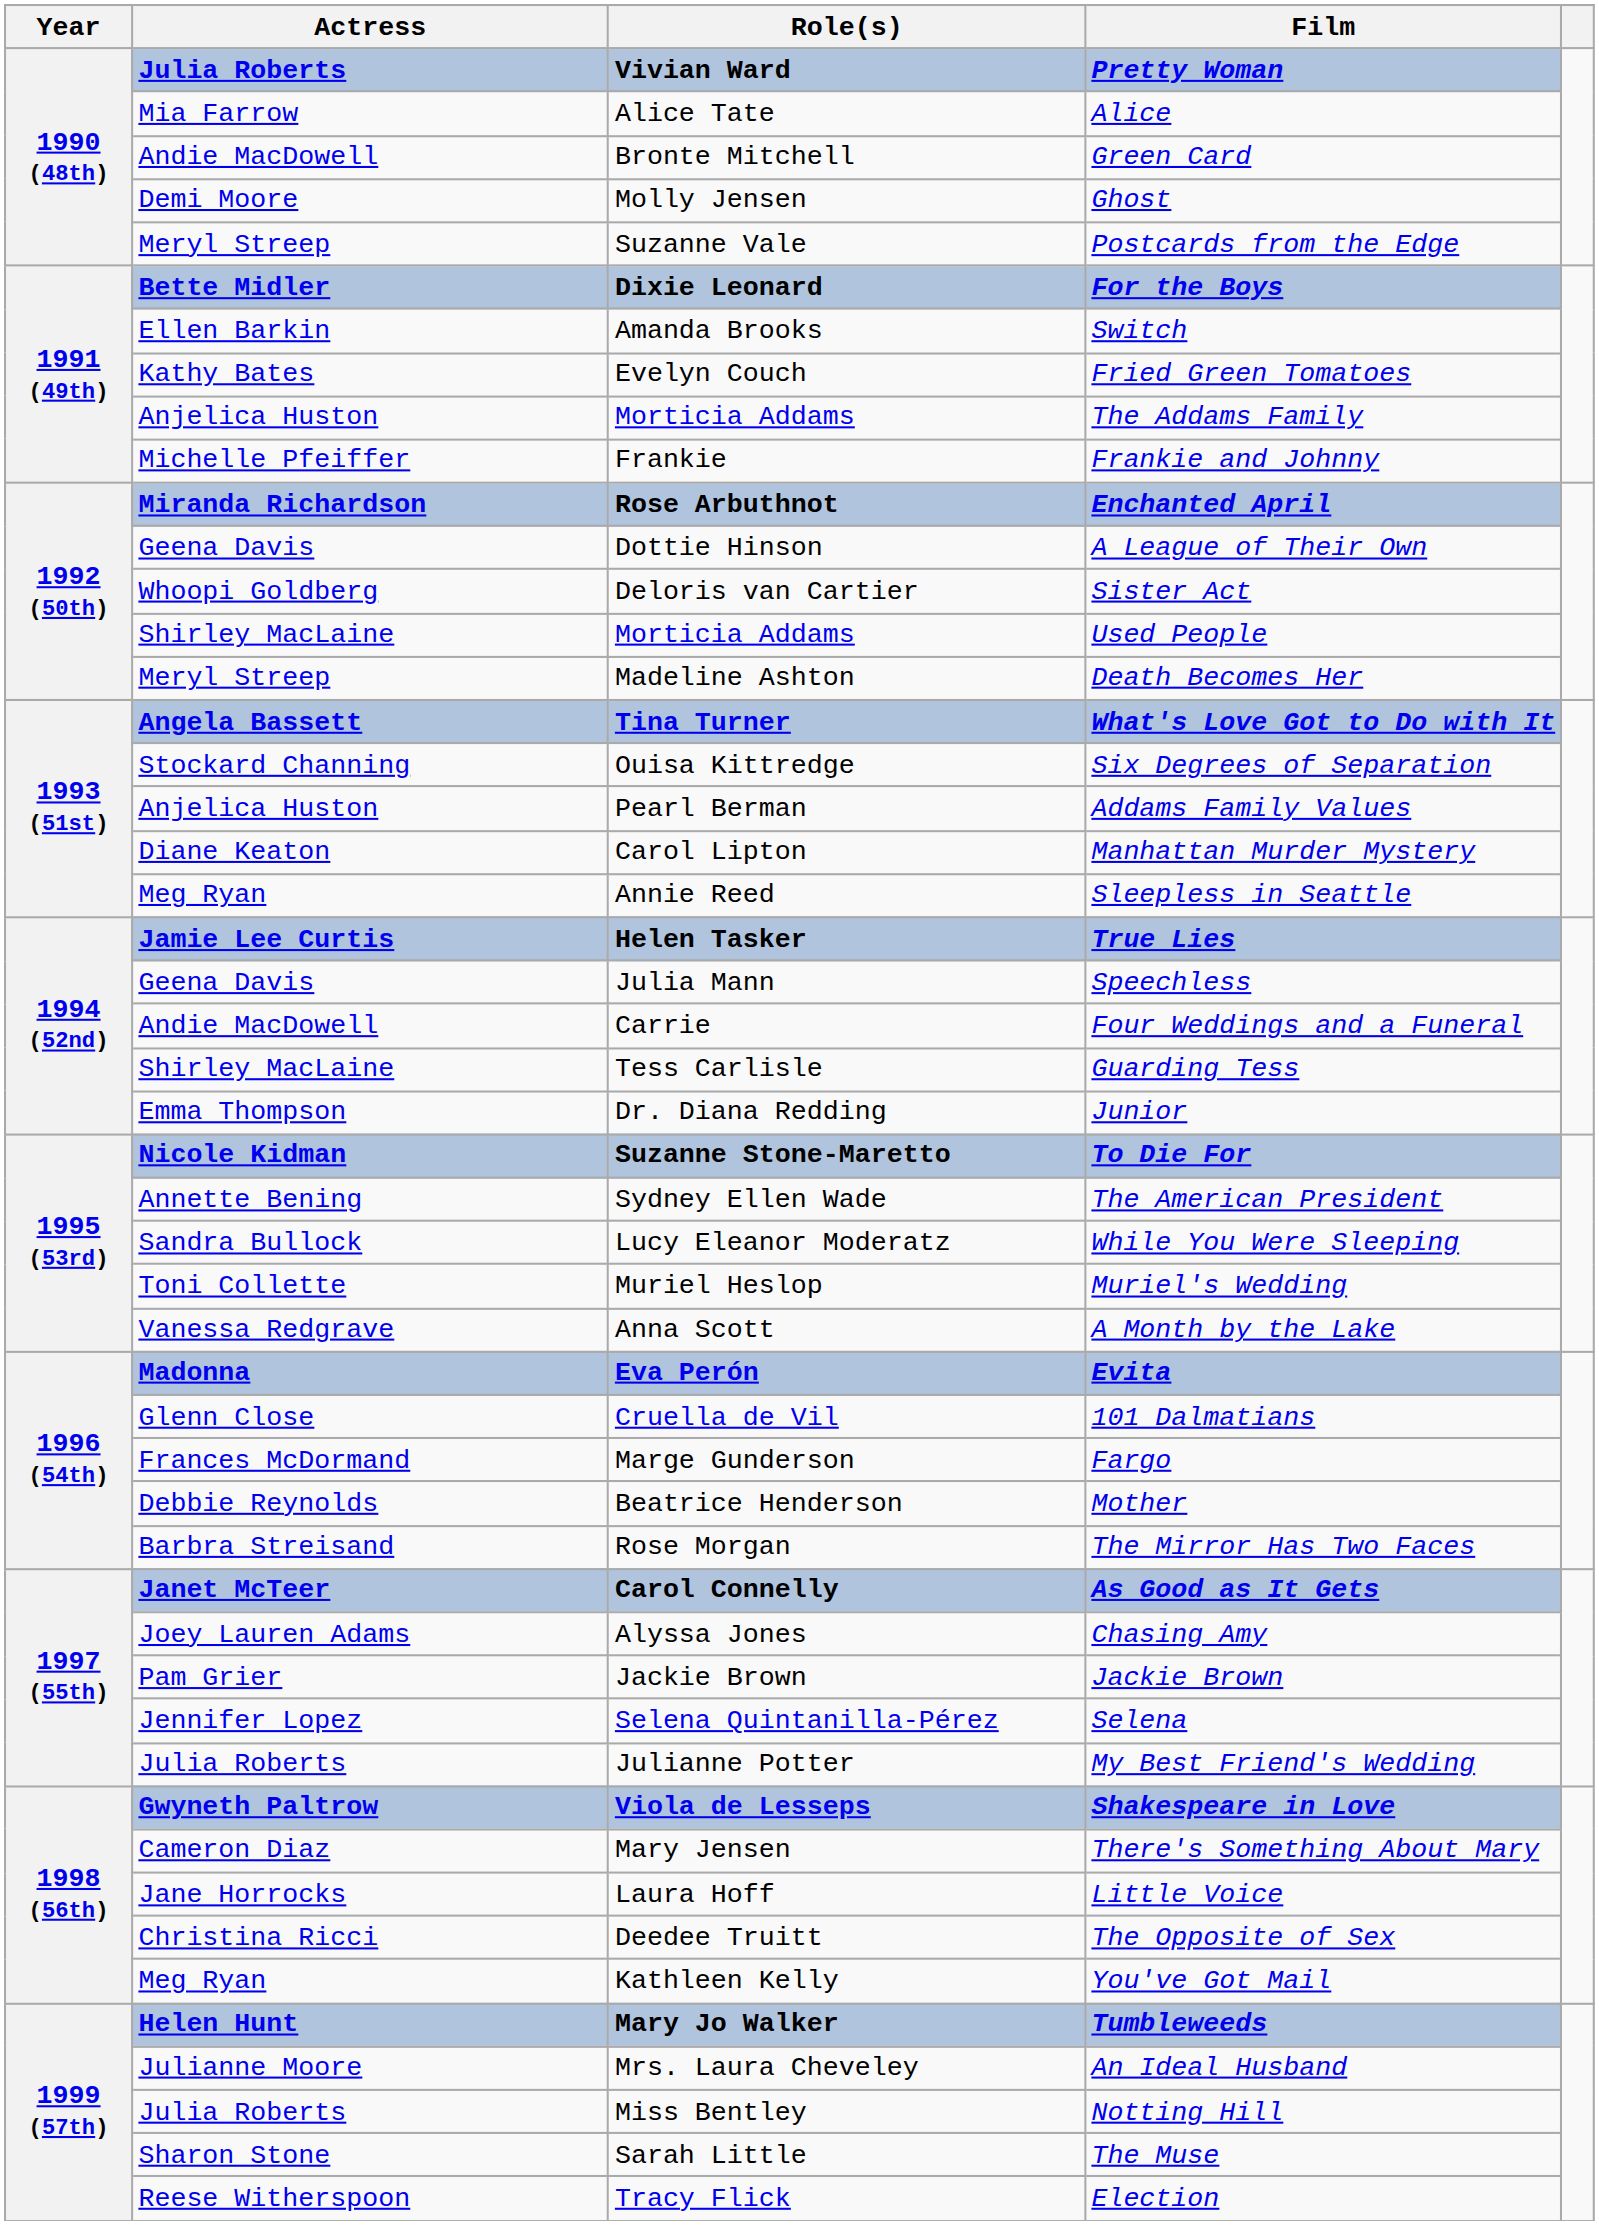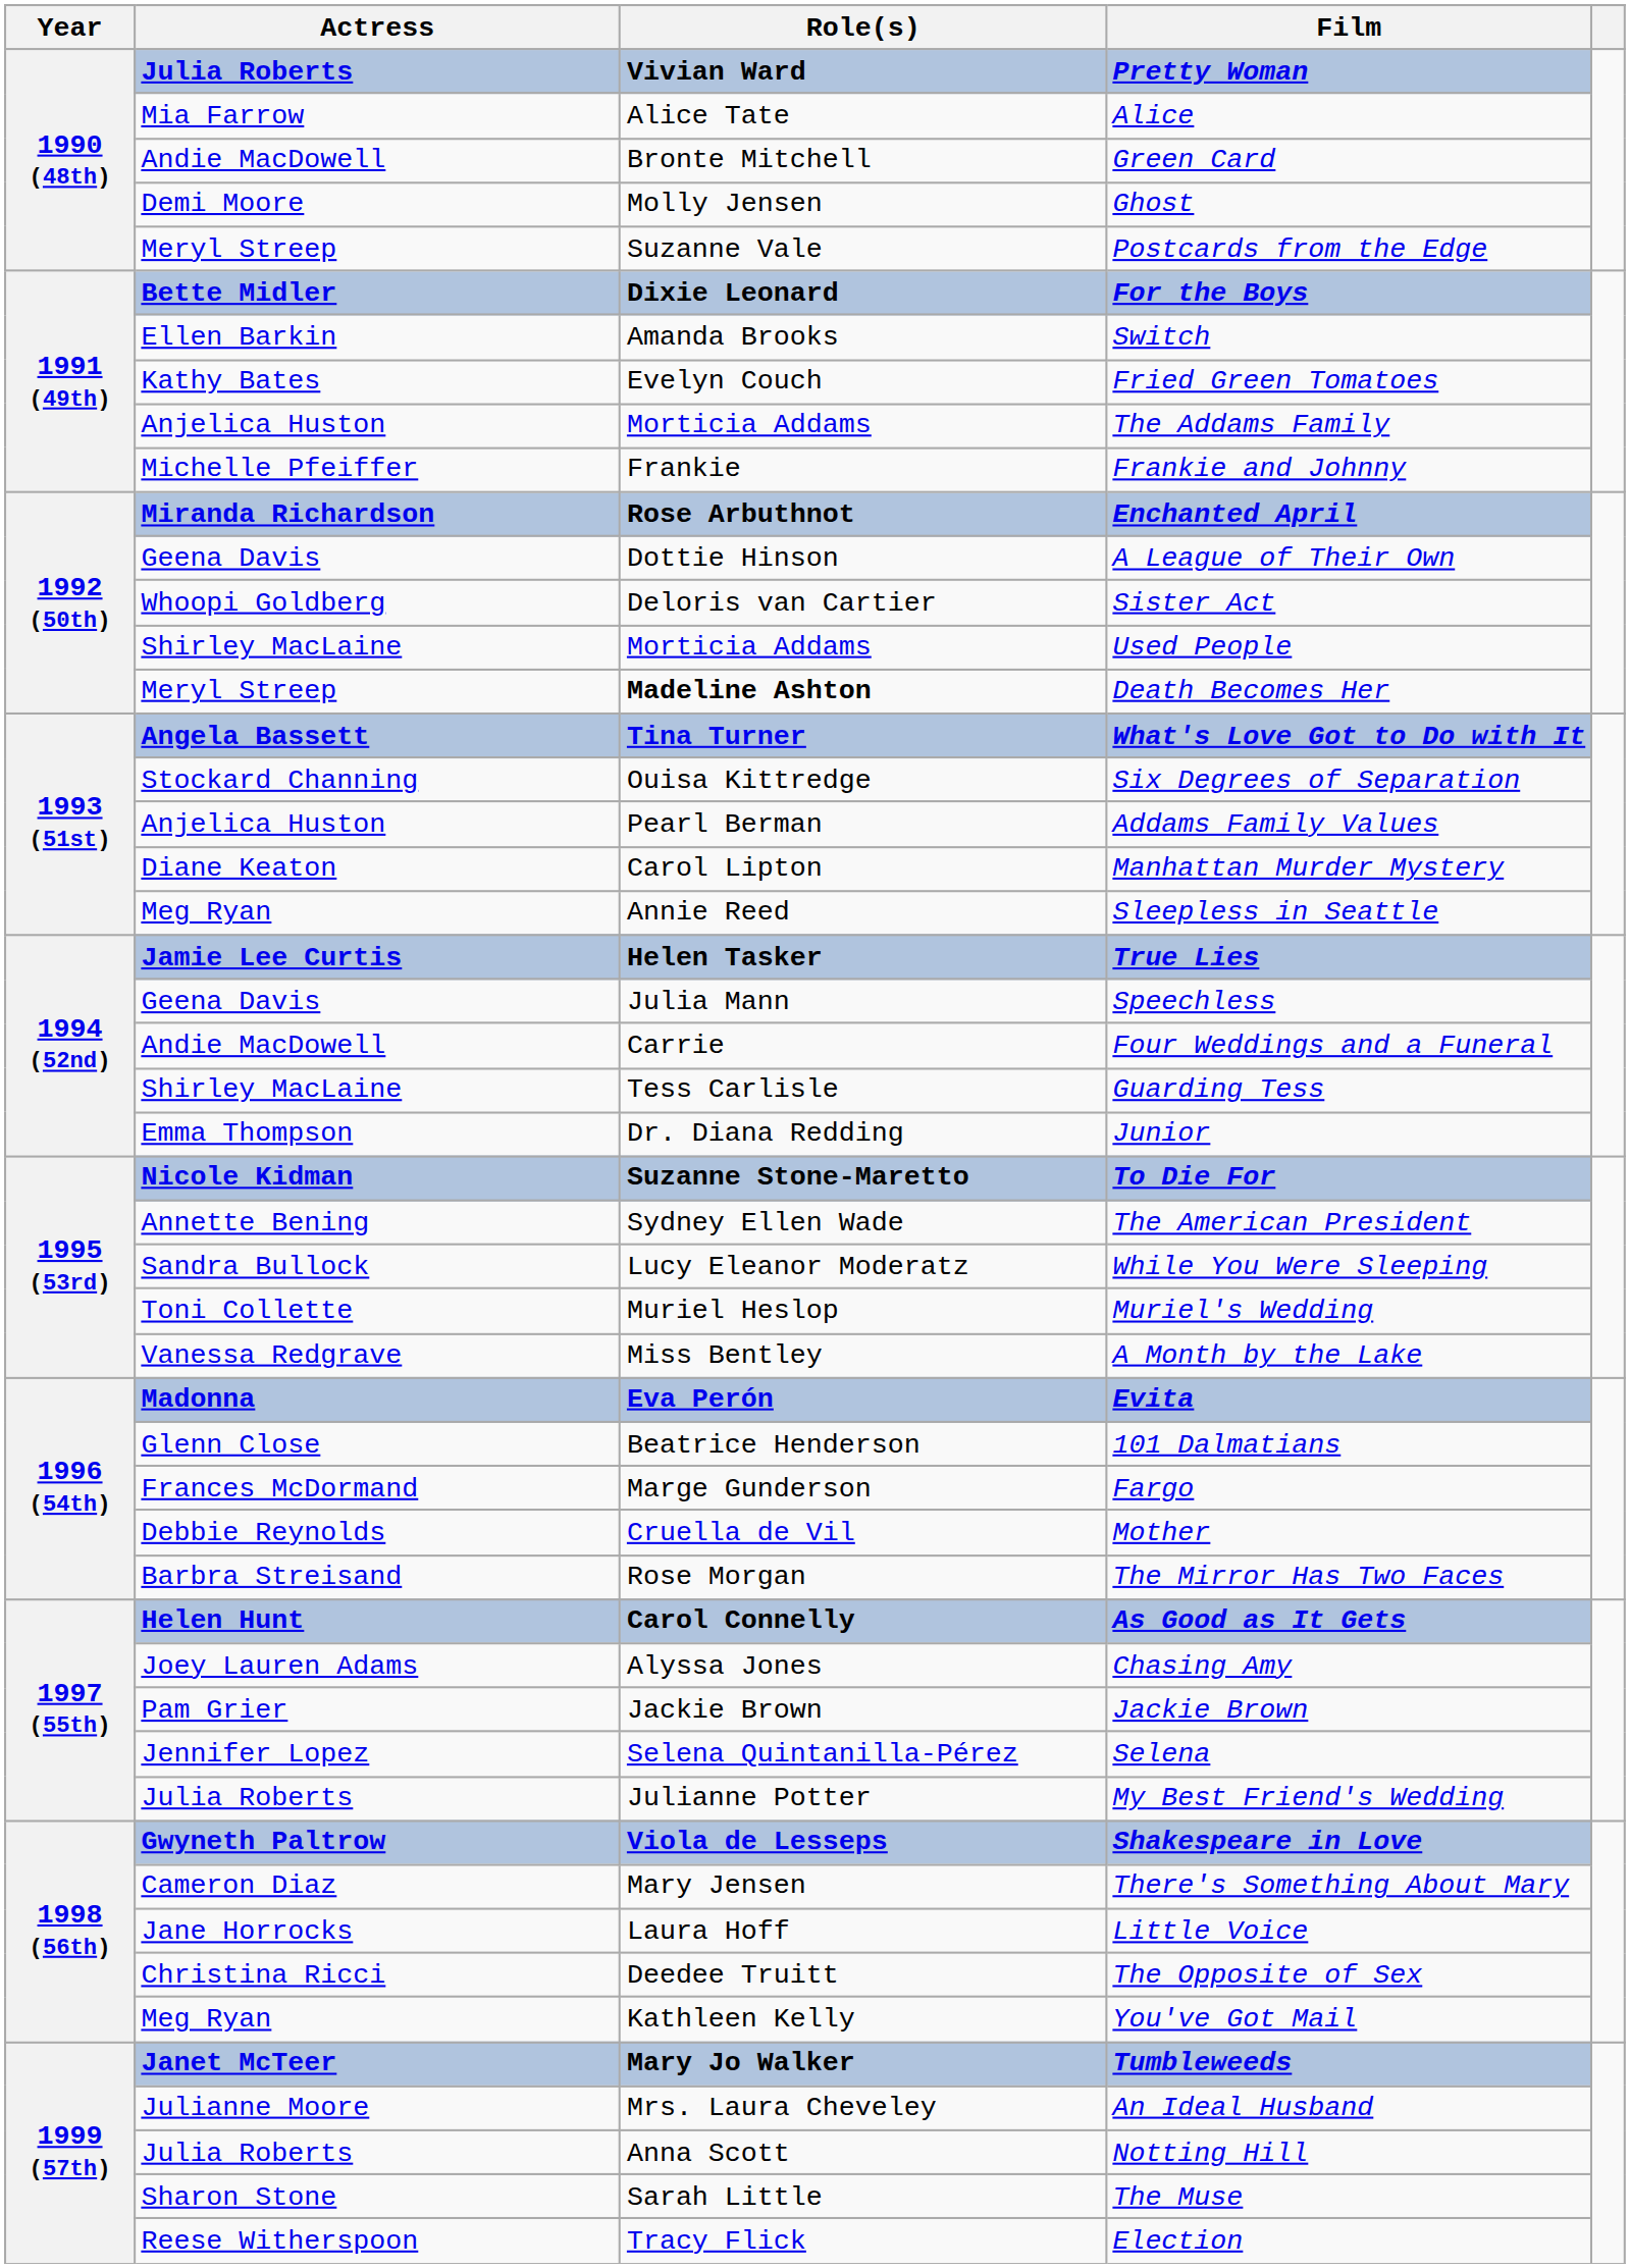 <table class="wikitable sortable">
 <tr>
 <th scope="col" style="width:8%;">Year</th>
 <th scope="col" style="width:30%;">Actress</th>
 <th scope="col" style="width:30%;">Role(s)</th>
 <th scope="col" style="width:30%;">Film</th>
 <th scope="col" style="width:2%;" class="unsortable"></th>
 </tr>
 <tr>
 <th rowspan="5" style="text-align:center;"><a href='#'>1990</a> <br> <small>(<a href='#'>48th</a>)</small></th>
 <td style="background:#B0C4DE;"><strong><a href='#'>Julia Roberts</a></strong></td>
 <td style="background:#B0C4DE;"><strong>Vivian Ward</strong></td>
 <td style="background:#B0C4DE;"><strong><em><a href='#'>Pretty Woman</a></em></strong></td>
 <td rowspan=5></td>
 </tr>
 <tr>
 <td><a href='#'>Mia Farrow</a></td>
 <td>Alice Tate</td>
 <td><em><a href='#'>Alice</a></em></td>
 </tr>
 <tr>
 <td><a href='#'>Andie MacDowell</a></td>
 <td>Bronte Mitchell</td>
 <td><em><a href='#'>Green Card</a></em></td>
 </tr>
 <tr>
 <td><a href='#'>Demi Moore</a></td>
 <td>Molly Jensen</td>
 <td><em><a href='#'>Ghost</a></em></td>
 </tr>
 <tr>
 <td><a href='#'>Meryl Streep</a></td>
 <td>Suzanne Vale</td>
 <td><em><a href='#'>Postcards from the Edge</a></em></td>
 </tr>
 <tr>
 <th rowspan="5" style="text-align:center;"><a href='#'>1991</a> <br> <small>(<a href='#'>49th</a>)</small></th>
 <td style="background:#B0C4DE;"><strong><a href='#'>Bette Midler</a></strong></td>
 <td style="background:#B0C4DE;"><strong>Dixie Leonard</strong></td>
 <td style="background:#B0C4DE;"><strong><em><a href='#'>For the Boys</a></em></strong></td>
 <td rowspan=5></td>
 </tr>
 <tr>
 <td><a href='#'>Ellen Barkin</a></td>
 <td>Amanda Brooks</td>
 <td><em><a href='#'>Switch</a></em></td>
 </tr>
 <tr>
 <td><a href='#'>Kathy Bates</a></td>
 <td>Evelyn Couch</td>
 <td><em><a href='#'>Fried Green Tomatoes</a></em></td>
 </tr>
 <tr>
 <td><a href='#'>Anjelica Huston</a></td>
 <td><a href='#'>Morticia Addams</a></td>
 <td><em><a href='#'>The Addams Family</a></em></td>
 </tr>
 <tr>
 <td><a href='#'>Michelle Pfeiffer</a></td>
 <td>Frankie</td>
 <td><em><a href='#'>Frankie and Johnny</a></em></td>
 </tr>
 <tr>
 <th rowspan="5" style="text-align:center;"><a href='#'>1992</a> <br> <small>(<a href='#'>50th</a>)</small></th>
 <td style="background:#B0C4DE;"><strong><a href='#'>Miranda Richardson</a></strong></td>
 <td style="background:#B0C4DE;"><strong>Rose Arbuthnot</strong></td>
 <td style="background:#B0C4DE;"><strong><em><a href='#'>Enchanted April</a></em></strong></td>
 <td rowspan=5></td>
 </tr>
 <tr>
 <td><a href='#'>Geena Davis</a></td>
 <td>Dottie Hinson</td>
 <td><em><a href='#'>A League of Their Own</a></em></td>
 </tr>
 <tr>
 <td><a href='#'>Whoopi Goldberg</a></td>
 <td>Deloris van Cartier</td>
 <td><em><a href='#'>Sister Act</a></em></td>
 </tr>
 <tr>
 <td><a href='#'>Shirley MacLaine</a></td>
 <td><a href='#'>Morticia Addams</a></td>
 <td><em><a href='#'>Used People</a></em></td>
 </tr>
 <tr>
 <td><a href='#'>Meryl Streep</a></td>
-<td>Madeline Ashton</td>
+<td><strong>Madeline Ashton</strong></td>
 <td><em><a href='#'>Death Becomes Her</a></em></td>
 </tr>
 <tr>
 <th rowspan="5" style="text-align:center;"><a href='#'>1993</a> <br> <small>(<a href='#'>51st</a>)</small></th>
 <td style="background:#B0C4DE;"><strong><a href='#'>Angela Bassett</a></strong></td>
 <td style="background:#B0C4DE;"><strong><a href='#'>Tina Turner</a></strong></td>
 <td style="background:#B0C4DE;"><strong><em><a href='#'>What's Love Got to Do with It</a></em></strong></td>
 <td rowspan=5></td>
 </tr>
 <tr>
 <td><a href='#'>Stockard Channing</a></td>
 <td>Ouisa Kittredge</td>
 <td><em><a href='#'>Six Degrees of Separation</a></em></td>
 </tr>
 <tr>
 <td><a href='#'>Anjelica Huston</a></td>
 <td>Pearl Berman</td>
 <td><em><a href='#'>Addams Family Values</a></em></td>
 </tr>
 <tr>
 <td><a href='#'>Diane Keaton</a></td>
 <td>Carol Lipton</td>
 <td><em><a href='#'>Manhattan Murder Mystery</a></em></td>
 </tr>
 <tr>
 <td><a href='#'>Meg Ryan</a></td>
 <td>Annie Reed</td>
 <td><em><a href='#'>Sleepless in Seattle</a></em></td>
 </tr>
 <tr>
 <th rowspan="5" style="text-align:center;"><a href='#'>1994</a> <br> <small>(<a href='#'>52nd</a>)</small></th>
 <td style="background:#B0C4DE;"><strong><a href='#'>Jamie Lee Curtis</a></strong></td>
 <td style="background:#B0C4DE;"><strong>Helen Tasker</strong></td>
 <td style="background:#B0C4DE;"><strong><em><a href='#'>True Lies</a></em></strong></td>
 <td rowspan=5></td>
 </tr>
 <tr>
 <td><a href='#'>Geena Davis</a></td>
 <td>Julia Mann</td>
 <td><em><a href='#'>Speechless</a></em></td>
 </tr>
 <tr>
 <td><a href='#'>Andie MacDowell</a></td>
 <td>Carrie</td>
 <td><em><a href='#'>Four Weddings and a Funeral</a></em></td>
 </tr>
 <tr>
 <td><a href='#'>Shirley MacLaine</a></td>
 <td>Tess Carlisle</td>
 <td><em><a href='#'>Guarding Tess</a></em></td>
 </tr>
 <tr>
 <td><a href='#'>Emma Thompson</a></td>
 <td>Dr. Diana Redding</td>
 <td><em><a href='#'>Junior</a></em></td>
 </tr>
 <tr>
 <th rowspan="5" style="text-align:center;"><a href='#'>1995</a> <br> <small>(<a href='#'>53rd</a>)</small></th>
 <td style="background:#B0C4DE;"><strong><a href='#'>Nicole Kidman</a></strong></td>
 <td style="background:#B0C4DE;"><strong>Suzanne Stone-Maretto</strong></td>
 <td style="background:#B0C4DE;"><strong><em><a href='#'>To Die For</a></em></strong></td>
 <td rowspan=5></td>
 </tr>
 <tr>
 <td><a href='#'>Annette Bening</a></td>
 <td>Sydney Ellen Wade</td>
 <td><em><a href='#'>The American President</a></em></td>
 </tr>
 <tr>
 <td><a href='#'>Sandra Bullock</a></td>
 <td>Lucy Eleanor Moderatz</td>
 <td><em><a href='#'>While You Were Sleeping</a></em></td>
 </tr>
 <tr>
 <td><a href='#'>Toni Collette</a></td>
 <td>Muriel Heslop</td>
 <td><em><a href='#'>Muriel's Wedding</a></em></td>
 </tr>
 <tr>
 <td><a href='#'>Vanessa Redgrave</a></td>
-<td>Anna Scott</td>
+<td>Miss Bentley</td>
 <td><em><a href='#'>A Month by the Lake</a></em></td>
 </tr>
 <tr>
 <th rowspan="5" style="text-align:center;"><a href='#'>1996</a> <br> <small>(<a href='#'>54th</a>)</small></th>
 <td style="background:#B0C4DE;"><strong><a href='#'>Madonna</a></strong></td>
 <td style="background:#B0C4DE;"><strong><a href='#'>Eva Perón</a></strong></td>
 <td style="background:#B0C4DE;"><strong><em><a href='#'>Evita</a></em></strong></td>
 <td rowspan=5></td>
 </tr>
 <tr>
 <td><a href='#'>Glenn Close</a></td>
-<td><a href='#'>Cruella de Vil</a></td>
+<td>Beatrice Henderson</td>
 <td><em><a href='#'>101 Dalmatians</a></em></td>
 </tr>
 <tr>
 <td><a href='#'>Frances McDormand</a></td>
 <td>Marge Gunderson</td>
 <td><em><a href='#'>Fargo</a></em></td>
 </tr>
 <tr>
 <td><a href='#'>Debbie Reynolds</a></td>
-<td>Beatrice Henderson</td>
+<td><a href='#'>Cruella de Vil</a></td>
 <td><em><a href='#'>Mother</a></em></td>
 </tr>
 <tr>
 <td><a href='#'>Barbra Streisand</a></td>
 <td>Rose Morgan</td>
 <td><em><a href='#'>The Mirror Has Two Faces</a></em></td>
 </tr>
 <tr>
 <th rowspan="5" style="text-align:center;"><a href='#'>1997</a> <br> <small>(<a href='#'>55th</a>)</small></th>
-<td style="background:#B0C4DE;"><strong><a href='#'>Janet McTeer</a></strong></td>
+<td style="background:#B0C4DE;"><strong><a href='#'>Helen Hunt</a></strong></td>
 <td style="background:#B0C4DE;"><strong>Carol Connelly</strong></td>
 <td style="background:#B0C4DE;"><strong><em><a href='#'>As Good as It Gets</a></em></strong></td>
 <td rowspan=5></td>
 </tr>
 <tr>
 <td><a href='#'>Joey Lauren Adams</a></td>
 <td>Alyssa Jones</td>
 <td><em><a href='#'>Chasing Amy</a></em></td>
 </tr>
 <tr>
 <td><a href='#'>Pam Grier</a></td>
 <td>Jackie Brown</td>
 <td><em><a href='#'>Jackie Brown</a></em></td>
 </tr>
 <tr>
 <td><a href='#'>Jennifer Lopez</a></td>
 <td><a href='#'>Selena Quintanilla-Pérez</a></td>
 <td><em><a href='#'>Selena</a></em></td>
 </tr>
 <tr>
 <td><a href='#'>Julia Roberts</a></td>
 <td>Julianne Potter</td>
 <td><em><a href='#'>My Best Friend's Wedding</a></em></td>
 </tr>
 <tr>
 <th rowspan="5" style="text-align:center;"><a href='#'>1998</a> <br> <small>(<a href='#'>56th</a>)</small></th>
 <td style="background:#B0C4DE;"><strong><a href='#'>Gwyneth Paltrow</a></strong></td>
 <td style="background:#B0C4DE;"><strong><a href='#'>Viola de Lesseps</a></strong></td>
 <td style="background:#B0C4DE;"><strong><em><a href='#'>Shakespeare in Love</a></em></strong></td>
 <td rowspan=5></td>
 </tr>
 <tr>
 <td><a href='#'>Cameron Diaz</a></td>
 <td>Mary Jensen</td>
 <td><em><a href='#'>There's Something About Mary</a></em></td>
 </tr>
 <tr>
 <td><a href='#'>Jane Horrocks</a></td>
 <td>Laura Hoff</td>
 <td><em><a href='#'>Little Voice</a></em></td>
 </tr>
 <tr>
 <td><a href='#'>Christina Ricci</a></td>
 <td>Deedee Truitt</td>
 <td><em><a href='#'>The Opposite of Sex</a></em></td>
 </tr>
 <tr>
 <td><a href='#'>Meg Ryan</a></td>
 <td>Kathleen Kelly</td>
 <td><em><a href='#'>You've Got Mail</a></em></td>
 </tr>
 <tr>
 <th rowspan="5" style="text-align:center;"><a href='#'>1999</a> <br> <small>(<a href='#'>57th</a>)</small></th>
-<td style="background:#B0C4DE;"><strong><a href='#'>Helen Hunt</a></strong></td>
+<td style="background:#B0C4DE;"><strong><a href='#'>Janet McTeer</a></strong></td>
 <td style="background:#B0C4DE;"><strong>Mary Jo Walker</strong></td>
 <td style="background:#B0C4DE;"><strong><em><a href='#'>Tumbleweeds</a></em></strong></td>
 <td rowspan=5></td>
 </tr>
 <tr>
 <td><a href='#'>Julianne Moore</a></td>
 <td>Mrs. Laura Cheveley</td>
 <td><em><a href='#'>An Ideal Husband</a></em></td>
 </tr>
 <tr>
 <td><a href='#'>Julia Roberts</a></td>
-<td>Miss Bentley</td>
+<td>Anna Scott</td>
 <td><em><a href='#'>Notting Hill</a></em></td>
 </tr>
 <tr>
 <td><a href='#'>Sharon Stone</a></td>
 <td>Sarah Little</td>
 <td><em><a href='#'>The Muse</a></em></td>
 </tr>
 <tr>
 <td><a href='#'>Reese Witherspoon</a></td>
 <td><a href='#'>Tracy Flick</a></td>
 <td><em><a href='#'>Election</a></em></td>
 </tr>
 </table>
